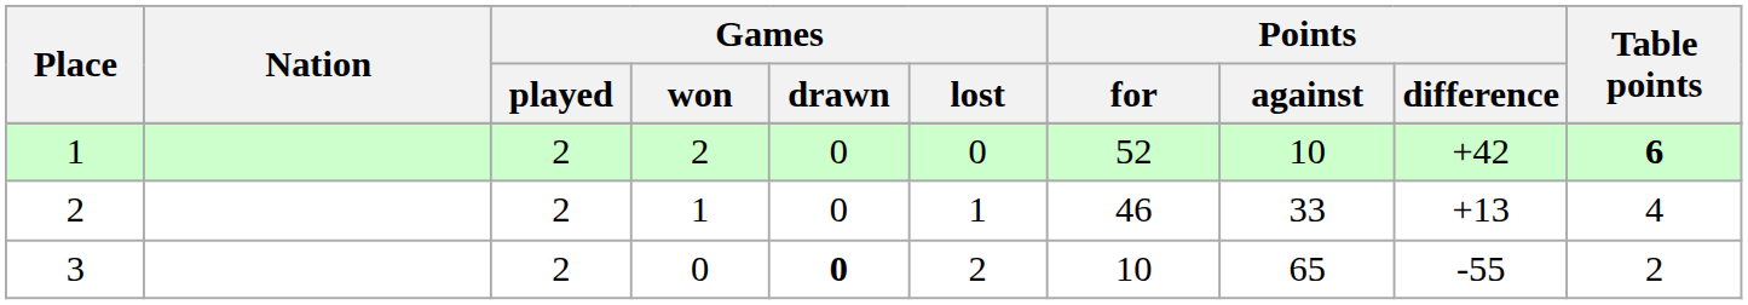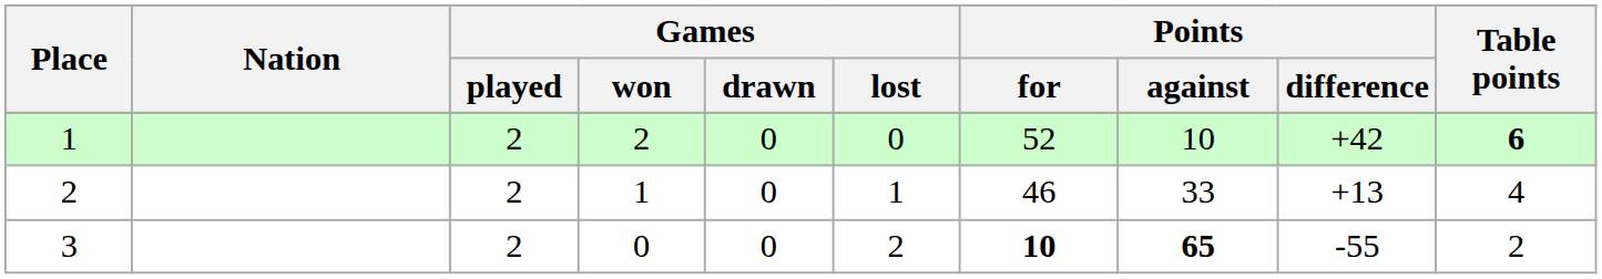 <table class="wikitable">
 <tr>
 <th rowspan=2 width="8%">Place</th>
 <th rowspan=2 width="20%">Nation</th>
 <th colspan=4 width="32%">Games</th>
 <th colspan=3 width="30%">Points</th>
 <th rowspan=2 width="10%">Table<br>points</th>
 </tr>
 <tr>
 <th width="8%">played</th>
 <th width="8%">won</th>
 <th width="8%">drawn</th>
 <th width="8%">lost</th>
 <th width="10%">for</th>
 <th width="10%">against</th>
 <th width="10%">difference</th>
 </tr>
 <tr>
 </tr>
 <tr bgcolor=#ccffcc align=center>
 <td>1</td>
 <td align=left><strong></strong></td>
 <td>2</td>
 <td>2</td>
 <td>0</td>
 <td>0</td>
 <td>52</td>
 <td>10</td>
 <td>+42</td>
 <td><strong>6</strong></td>
 </tr>
 <tr bgcolor=#ffffff align=center>
 <td>2</td>
 <td align=left></td>
 <td>2</td>
 <td>1</td>
 <td>0</td>
 <td>1</td>
 <td>46</td>
 <td>33</td>
 <td>+13</td>
 <td>4</td>
 </tr>
 <tr bgcolor=#ffffff align=center>
 <td>3</td>
 <td align=left></td>
 <td>2</td>
 <td>0</td>
-<td><strong>0</strong></td>
+<td>0</td>
 <td>2</td>
-<td>10</td>
-<td>65</td>
+<td><strong>10</strong></td>
+<td><strong>65</strong></td>
 <td>-55</td>
 <td>2</td>
 </tr>
 </table>
